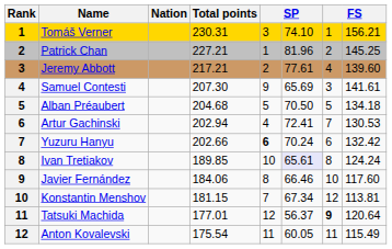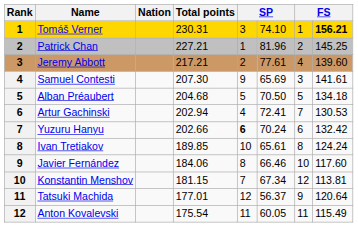 <table class="wikitable sortable">
 <tr>
 <th>Rank</th>
 <th>Name</th>
 <th>Nation</th>
 <th>Total points</th>
 <th colspan="2" width="80px"><a href='#'>SP</a></th>
 <th colspan="2" width="80px"><a href='#'>FS</a></th>
 </tr>
 <tr bgcolor="gold">
 <td align="center"><strong>1</strong></td>
 <td><a href='#'>Tomáš Verner</a></td>
 <td></td>
 <td>230.31</td>
 <td>3</td>
 <td>74.10</td>
 <td>1</td>
-<td>156.21</td>
+<td><strong>156.21</strong></td>
 </tr>
 <tr bgcolor="silver">
 <td align="center"><strong>2</strong></td>
 <td><a href='#'>Patrick Chan</a></td>
 <td></td>
 <td>227.21</td>
 <td>1</td>
 <td>81.96</td>
 <td>2</td>
 <td>145.25</td>
 </tr>
 <tr bgcolor="cc9966">
 <td align="center"><strong>3</strong></td>
 <td><a href='#'>Jeremy Abbott</a></td>
 <td></td>
 <td>217.21</td>
 <td>2</td>
 <td>77.61</td>
 <td>4</td>
 <td>139.60</td>
 </tr>
 <tr>
 <th>4</th>
 <td><a href='#'>Samuel Contesti</a></td>
 <td></td>
 <td>207.30</td>
 <td>9</td>
 <td>65.69</td>
 <td>3</td>
 <td>141.61</td>
 </tr>
 <tr>
 <th>5</th>
 <td><a href='#'>Alban Préaubert</a></td>
 <td></td>
 <td>204.68</td>
 <td>5</td>
 <td>70.50</td>
 <td>5</td>
 <td>134.18</td>
 </tr>
 <tr>
 <th>6</th>
 <td><a href='#'>Artur Gachinski</a></td>
 <td></td>
 <td>202.94</td>
 <td>4</td>
 <td>72.41</td>
 <td>7</td>
 <td>130.53</td>
 </tr>
 <tr>
 <th>7</th>
 <td><a href='#'>Yuzuru Hanyu</a></td>
 <td></td>
 <td>202.66</td>
 <td><strong>6</strong></td>
 <td>70.24</td>
 <td>6</td>
 <td>132.42</td>
 </tr>
 <tr>
 <th>8</th>
 <td><a href='#'>Ivan Tretiakov</a></td>
 <td></td>
 <td>189.85</td>
 <td>10</td>
-<td style="background: lavender;">65.61</td>
+<td>65.61</td>
 <td>8</td>
 <td>124.24</td>
 </tr>
 <tr>
 <th>9</th>
 <td><a href='#'>Javier Fernández</a></td>
 <td></td>
 <td>184.06</td>
 <td>8</td>
 <td>66.46</td>
 <td>10</td>
 <td>117.60</td>
 </tr>
 <tr>
 <th>10</th>
 <td><a href='#'>Konstantin Menshov</a></td>
 <td></td>
 <td>181.15</td>
 <td>7</td>
 <td>67.34</td>
 <td>12</td>
 <td>113.81</td>
 </tr>
 <tr>
 <th>11</th>
 <td><a href='#'>Tatsuki Machida</a></td>
 <td></td>
 <td>177.01</td>
 <td>12</td>
 <td>56.37</td>
-<td><strong>9</strong></td>
+<td>9</td>
 <td>120.64</td>
 </tr>
 <tr>
 <th>12</th>
 <td><a href='#'>Anton Kovalevski</a></td>
 <td></td>
 <td>175.54</td>
 <td>11</td>
 <td>60.05</td>
 <td>11</td>
 <td>115.49</td>
 </tr>
 </table>
